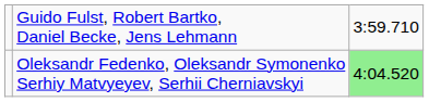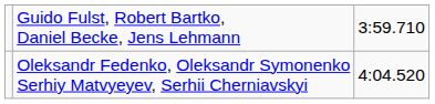 <table class="wikitable" style="text-align:center;">
 <tr>
 <td align=left></td>
 <td align=left><a href='#'>Guido Fulst</a>, <a href='#'>Robert Bartko</a>,<br><a href='#'>Daniel Becke</a>, <a href='#'>Jens Lehmann</a></td>
 <td>3:59.710</td>
 </tr>
 <tr>
 <td align=left></td>
 <td align=left><a href='#'>Oleksandr Fedenko</a>, <a href='#'>Oleksandr Symonenko</a><br><a href='#'>Serhiy Matvyeyev</a>, <a href='#'>Serhii Cherniavskyi</a></td>
-<td style="background: lightgreen;">4:04.520</td>
+<td>4:04.520</td>
 </tr>
 </table>
